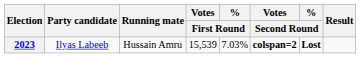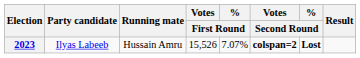 <table class=wikitable style=text-align:center>
 <tr>
 <th rowspan="2"><strong>Election</strong></th>
 <th rowspan="2"><strong>Party candidate</strong></th>
 <th rowspan="2"><strong>Running mate</strong></th>
 <th><strong>Votes</strong></th>
 <th><strong>%</strong></th>
 <th><strong>Votes</strong></th>
 <th><strong>%</strong></th>
 <th rowspan="2"><strong>Result</strong></th>
 </tr>
 <tr>
 <th colspan="2">First Round</th>
 <th colspan="2">Second Round</th>
 </tr>
 <tr>
 <th><a href='#'>2023</a></th>
 <td><a href='#'>Ilyas Labeeb</a></td>
 <td>Hussain Amru</td>
-<td>15,539</td>
-<td>7.03%</td>
+<td>15,526</td>
+<td>7.07%</td>
 <td><strong>colspan=2 </strong></td>
 <td><strong>Lost</strong> </td>
 </tr>
 </table>
